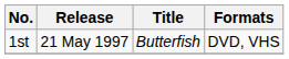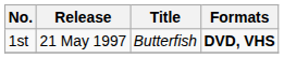 <table class="wikitable" style="font-size:small;">
 <tr>
 <th>No.</th>
 <th>Release</th>
 <th>Title</th>
 <th>Formats</th>
 </tr>
 <tr>
 <td>1st</td>
 <td>21 May 1997</td>
 <td><em>Butterfish</em></td>
-<td>DVD, VHS</td>
+<td><strong>DVD, VHS</strong></td>
 </tr>
 <tr>
 </tr>
 </table>
